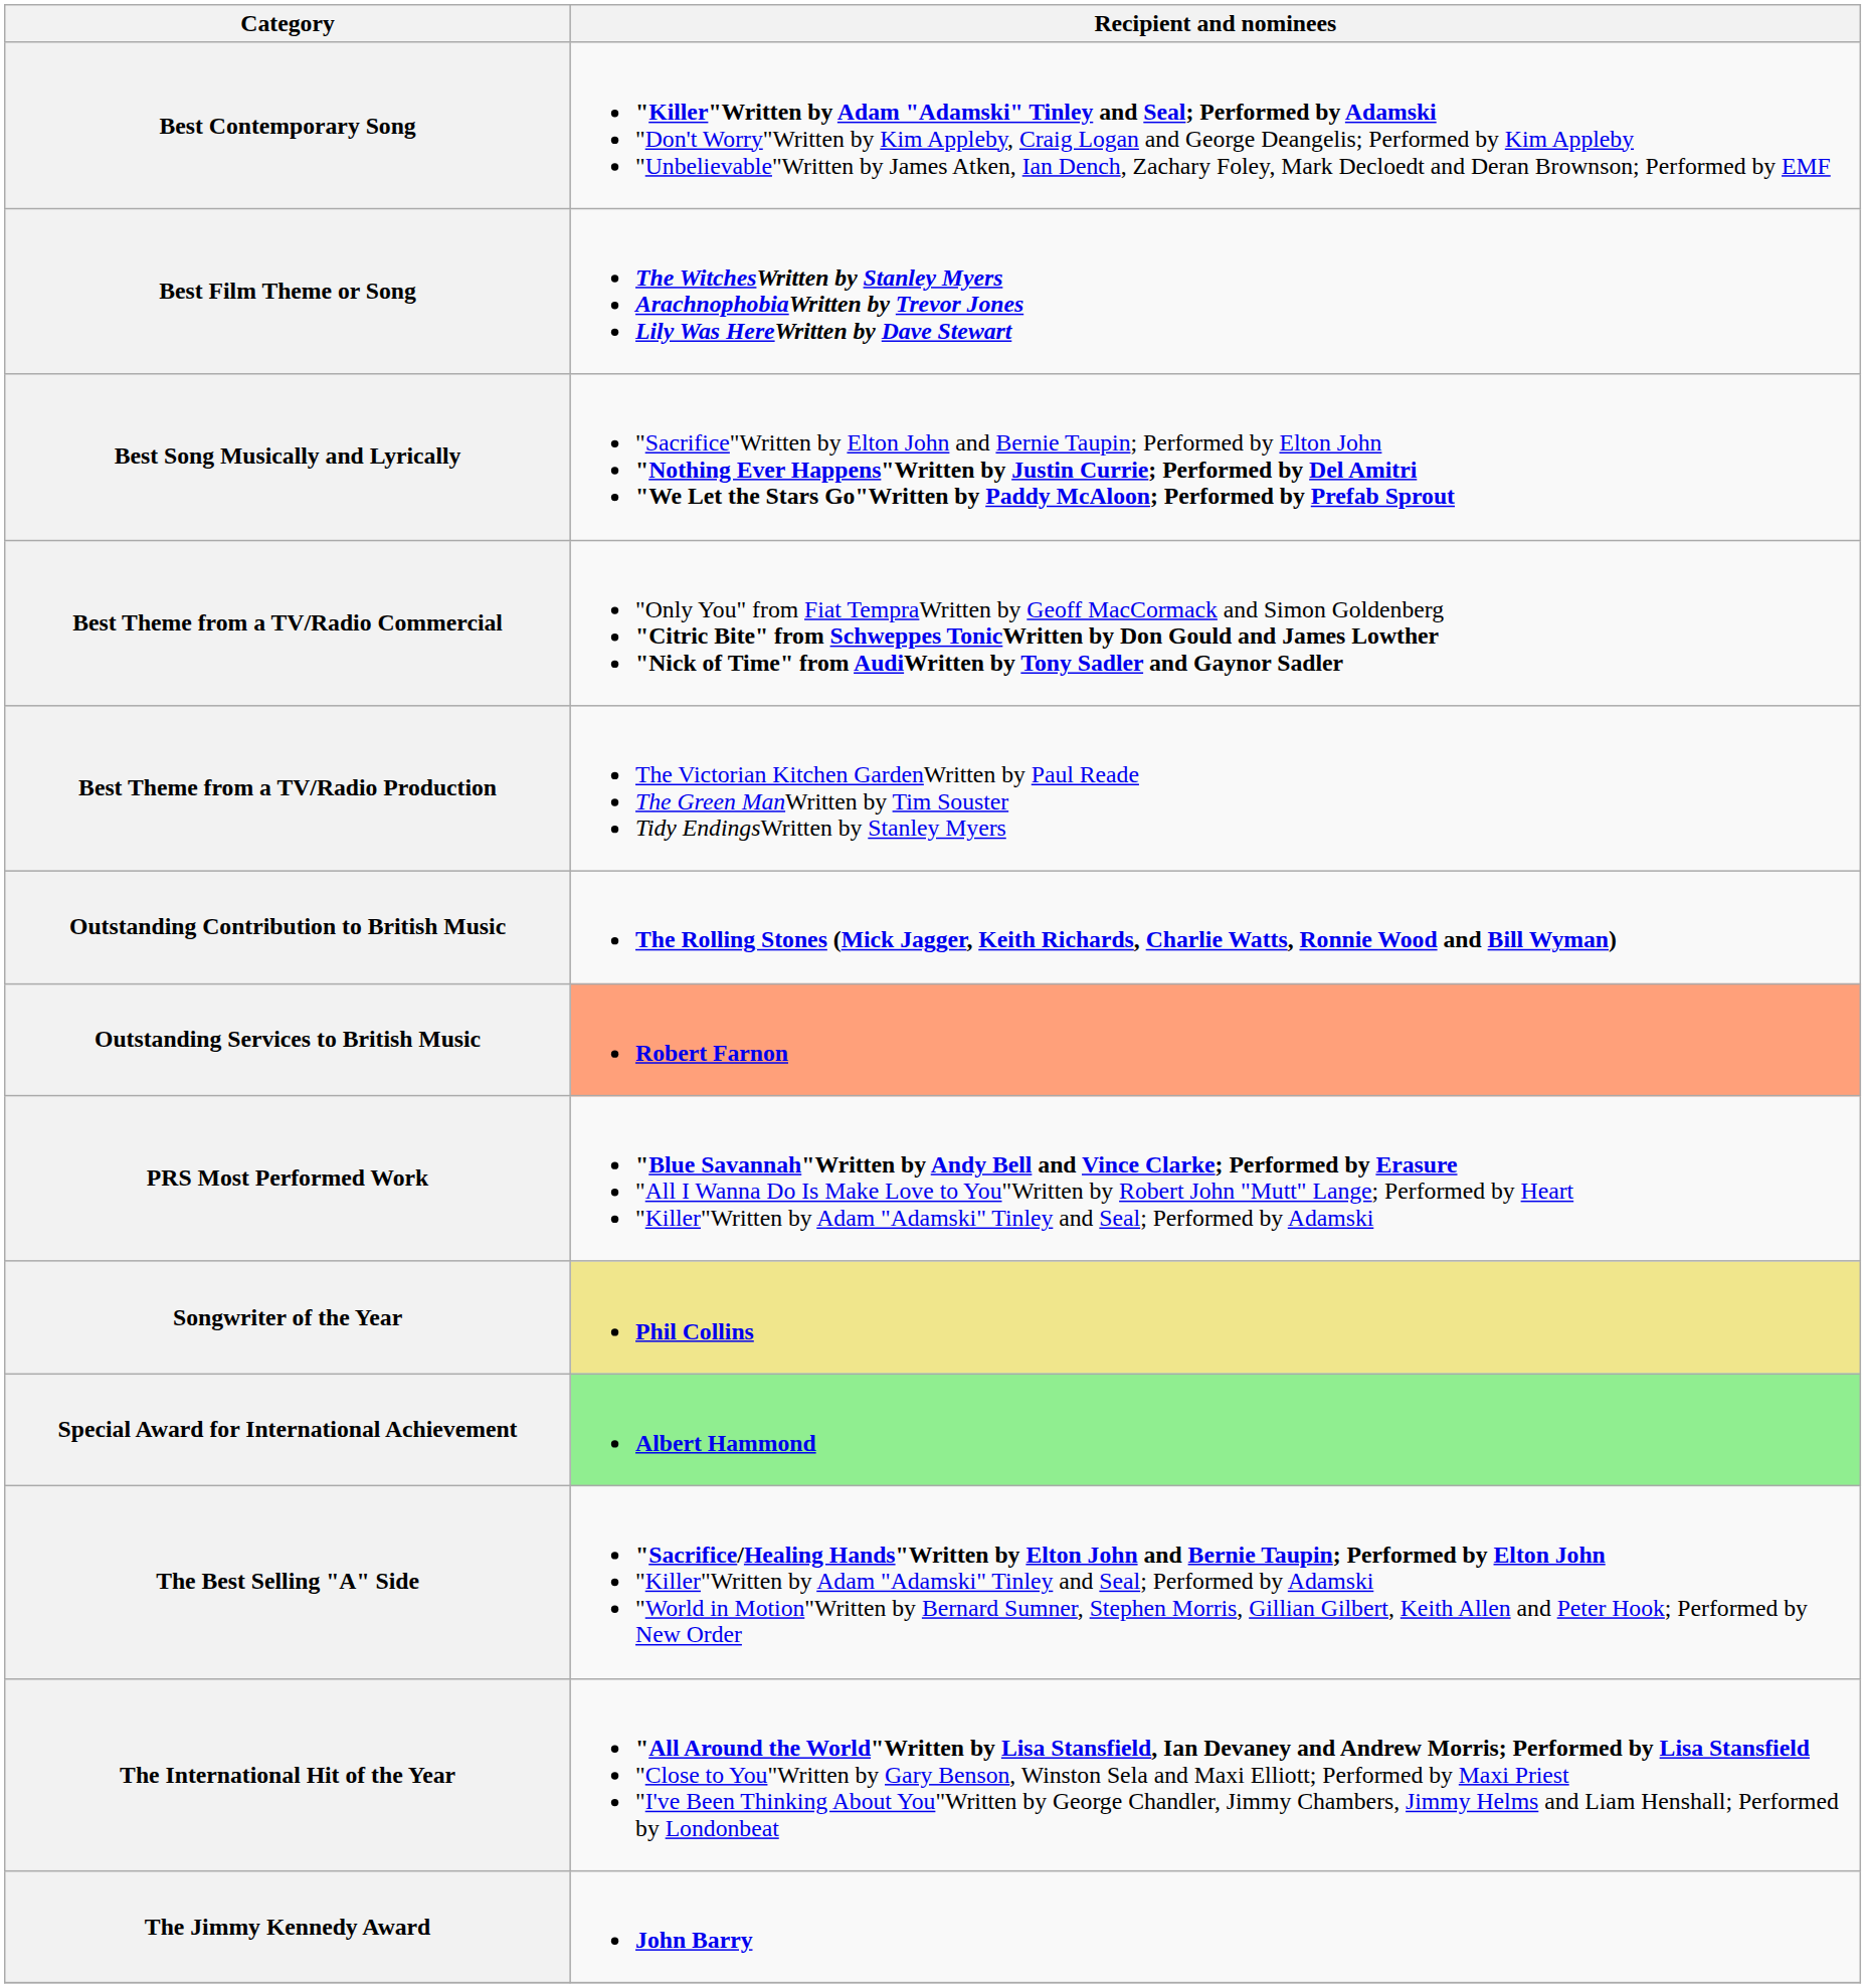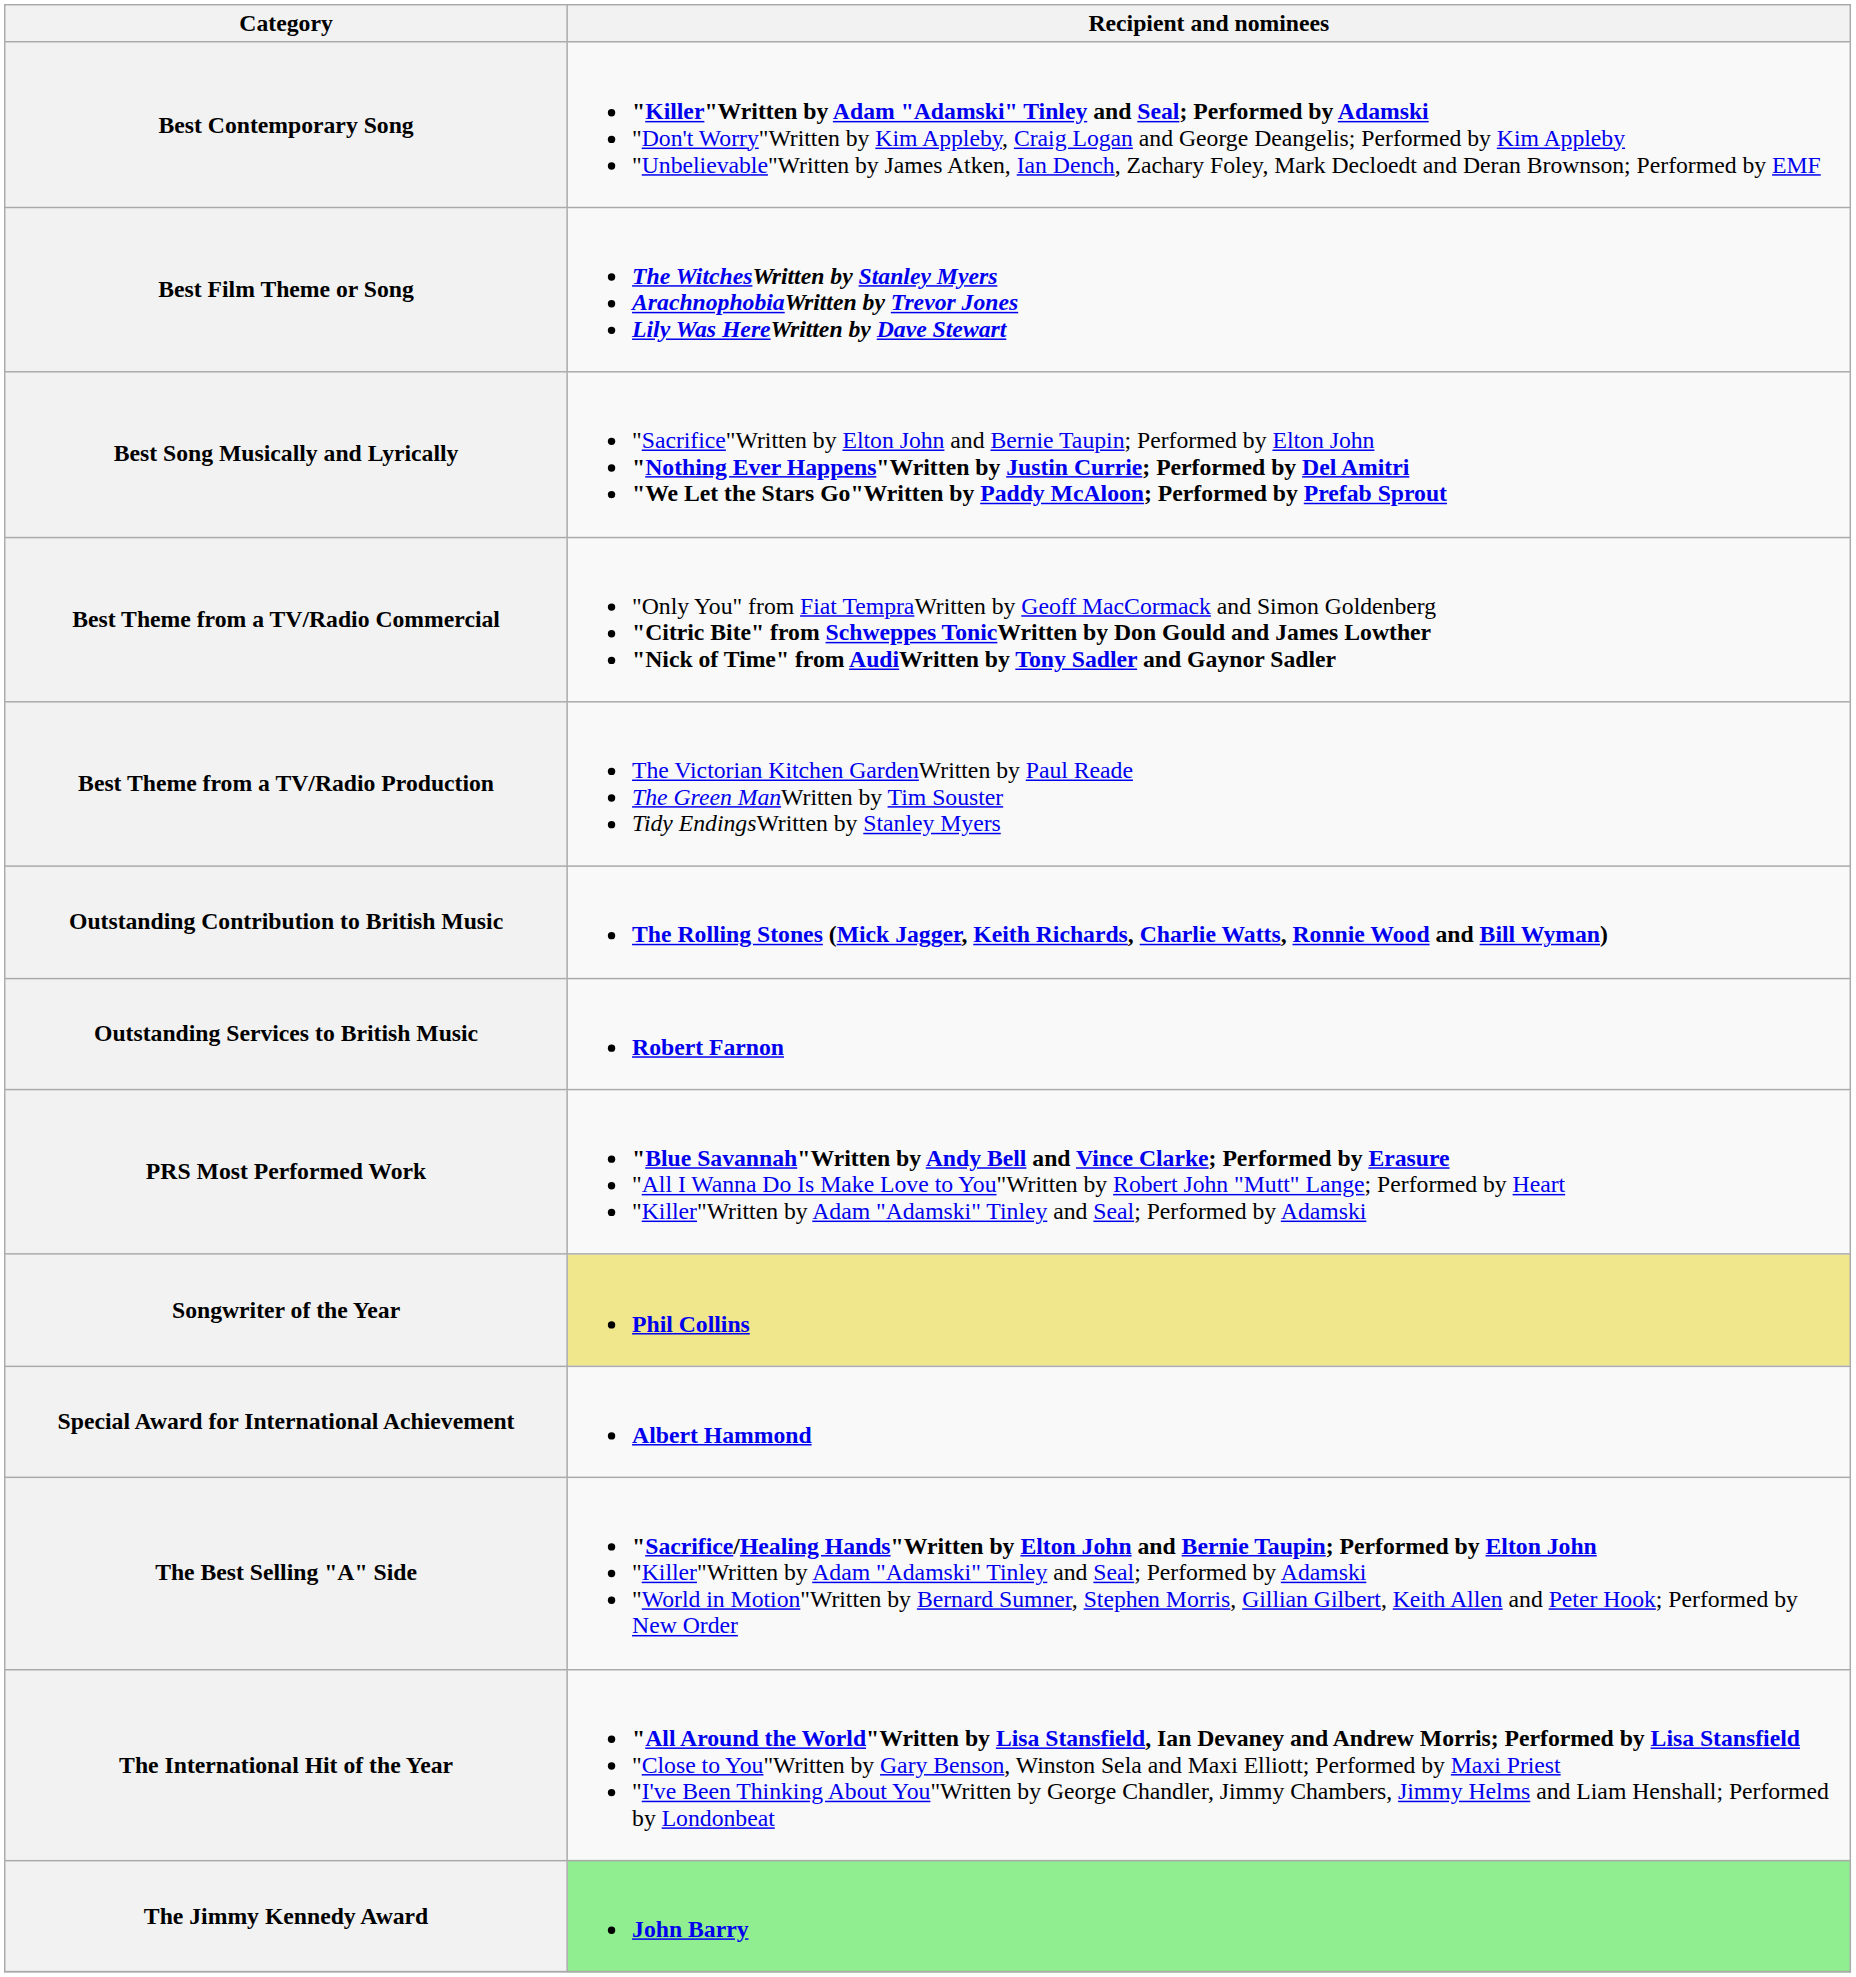 <table class="wikitable">
 <tr>
 <th width="25%">Category</th>
 <th width="57%">Recipient and nominees</th>
 </tr>
 <tr>
 <th scope="row">Best Contemporary Song</th>
 <td><br><ul><li><strong>"<a href='#'>Killer</a>"Written by <a href='#'>Adam "Adamski" Tinley</a> and <a href='#'>Seal</a>; Performed by <a href='#'>Adamski</a></strong></li><li>"<a href='#'>Don't Worry</a>"Written by <a href='#'>Kim Appleby</a>, <a href='#'>Craig Logan</a> and George Deangelis; Performed by <a href='#'>Kim Appleby</a></li><li>"<a href='#'>Unbelievable</a>"Written by James Atken, <a href='#'>Ian Dench</a>, Zachary Foley, Mark Decloedt and Deran Brownson; Performed by <a href='#'>EMF</a></li></ul></td>
 </tr>
 <tr>
 <th scope="row">Best Film Theme or Song</th>
 <td><br><ul><li><strong><em><a href='#'>The Witches</a><em>Written by <a href='#'>Stanley Myers</a><strong></li><li></em><a href='#'>Arachnophobia</a><em>Written by <a href='#'>Trevor Jones</a></li><li></em><a href='#'>Lily Was Here</a><em>Written by <a href='#'>Dave Stewart</a></li></ul></td>
 </tr>
 <tr>
 <th scope="row">Best Song Musically and Lyrically</th>
 <td><br><ul><li></strong>"<a href='#'>Sacrifice</a>"Written by <a href='#'>Elton John</a> and <a href='#'>Bernie Taupin</a>; Performed by <a href='#'>Elton John</a><strong></li><li>"<a href='#'>Nothing Ever Happens</a>"Written by <a href='#'>Justin Currie</a>; Performed by <a href='#'>Del Amitri</a></li><li>"We Let the Stars Go"Written by <a href='#'>Paddy McAloon</a>; Performed by <a href='#'>Prefab Sprout</a></li></ul></td>
 </tr>
 <tr>
 <th scope="row">Best Theme from a TV/Radio Commercial</th>
 <td><br><ul><li></strong>"Only You" from <a href='#'>Fiat Tempra</a>Written by <a href='#'>Geoff MacCormack</a> and Simon Goldenberg<strong></li><li>"Citric Bite" from <a href='#'>Schweppes Tonic</a>Written by Don Gould and James Lowther</li><li>"Nick of Time" from <a href='#'>Audi</a>Written by <a href='#'>Tony Sadler</a> and Gaynor Sadler</li></ul></td>
 </tr>
 <tr>
 <th scope="row">Best Theme from a TV/Radio Production</th>
 <td><br><ul><li></em></strong><a href='#'>The Victorian Kitchen Garden</a></em>Written by <a href='#'>Paul Reade</a></strong></li><li><em><a href='#'>The Green Man</a></em>Written by <a href='#'>Tim Souster</a></li><li><em>Tidy Endings</em>Written by <a href='#'>Stanley Myers</a></li></ul></td>
 </tr>
 <tr>
 <th scope="row">Outstanding Contribution to British Music</th>
 <td><br><ul><li><strong><a href='#'>The Rolling Stones</a> (<a href='#'>Mick Jagger</a>, <a href='#'>Keith Richards</a>, <a href='#'>Charlie Watts</a>, <a href='#'>Ronnie Wood</a> and <a href='#'>Bill Wyman</a>)</strong></li></ul></td>
 </tr>
 <tr>
 <th scope="row">Outstanding Services to British Music</th>
-<td style="background: lightsalmon;"><br><ul><li><strong><a href='#'>Robert Farnon</a></strong></li></ul></td>
+<td><br><ul><li><strong><a href='#'>Robert Farnon</a></strong></li></ul></td>
 </tr>
 <tr>
 <th scope="row">PRS Most Performed Work</th>
 <td><br><ul><li><strong>"<a href='#'>Blue Savannah</a>"Written by <a href='#'>Andy Bell</a> and <a href='#'>Vince Clarke</a>; Performed by <a href='#'>Erasure</a></strong></li><li>"<a href='#'>All I Wanna Do Is Make Love to You</a>"Written by <a href='#'>Robert John "Mutt" Lange</a>; Performed by <a href='#'>Heart</a></li><li>"<a href='#'>Killer</a>"Written by <a href='#'>Adam "Adamski" Tinley</a> and <a href='#'>Seal</a>; Performed by <a href='#'>Adamski</a></li></ul></td>
 </tr>
 <tr>
 <th scope="row">Songwriter of the Year</th>
 <td style="background: khaki;"><br><ul><li><strong><a href='#'>Phil Collins</a></strong></li></ul></td>
 </tr>
 <tr>
 <th scope="row">Special Award for International Achievement</th>
-<td style="background: lightgreen;"><br><ul><li><strong><a href='#'>Albert Hammond</a></strong></li></ul></td>
+<td><br><ul><li><strong><a href='#'>Albert Hammond</a></strong></li></ul></td>
 </tr>
 <tr>
 <th scope="row">The Best Selling "A" Side</th>
 <td><br><ul><li><strong>"<a href='#'>Sacrifice</a>/<a href='#'>Healing Hands</a>"Written by <a href='#'>Elton John</a> and <a href='#'>Bernie Taupin</a>; Performed by <a href='#'>Elton John</a></strong></li><li>"<a href='#'>Killer</a>"Written by <a href='#'>Adam "Adamski" Tinley</a> and <a href='#'>Seal</a>; Performed by <a href='#'>Adamski</a></li><li>"<a href='#'>World in Motion</a>"Written by <a href='#'>Bernard Sumner</a>, <a href='#'>Stephen Morris</a>, <a href='#'>Gillian Gilbert</a>, <a href='#'>Keith Allen</a> and <a href='#'>Peter Hook</a>; Performed by <a href='#'>New Order</a></li></ul></td>
 </tr>
 <tr>
 <th scope="row">The International Hit of the Year</th>
 <td><br><ul><li><strong>"<a href='#'>All Around the World</a>"Written by <a href='#'>Lisa Stansfield</a>, Ian Devaney and Andrew Morris; Performed by <a href='#'>Lisa Stansfield</a></strong></li><li>"<a href='#'>Close to You</a>"Written by <a href='#'>Gary Benson</a>, Winston Sela and Maxi Elliott; Performed by <a href='#'>Maxi Priest</a></li><li>"<a href='#'>I've Been Thinking About You</a>"Written by George Chandler, Jimmy Chambers, <a href='#'>Jimmy Helms</a> and Liam Henshall; Performed by <a href='#'>Londonbeat</a></li></ul></td>
 </tr>
 <tr>
 <th scope="row">The Jimmy Kennedy Award</th>
-<td><br><ul><li><strong><a href='#'>John Barry</a></strong></li></ul></td>
+<td style="background: lightgreen;"><br><ul><li><strong><a href='#'>John Barry</a></strong></li></ul></td>
 </tr>
 <tr>
 </tr>
 </table>
